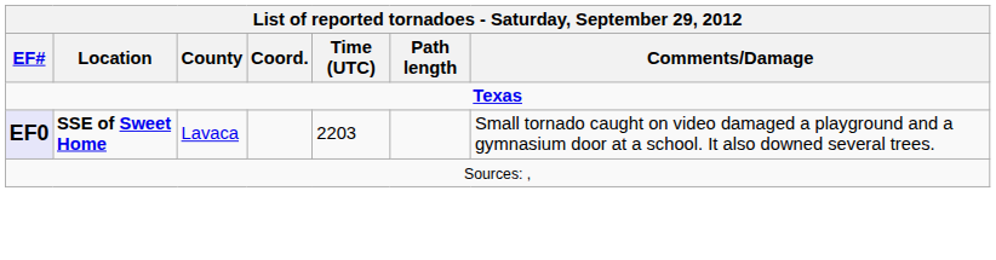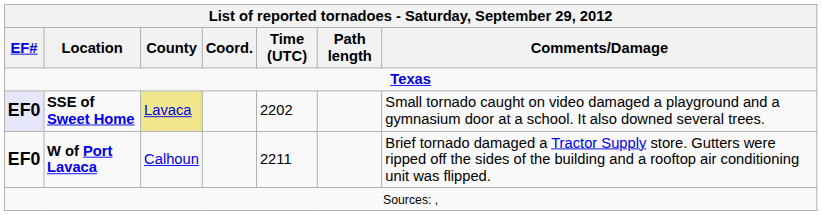 <table class="wikitable collapsible" width="100%">
 <tr>
 <th colspan="7">List of reported tornadoes - Saturday, September 29, 2012</th>
 </tr>
 <tr>
 <th><a href='#'>EF#</a></th>
 <th>Location</th>
 <th>County</th>
 <th>Coord.</th>
 <th>Time (UTC)</th>
 <th>Path length</th>
 <th>Comments/Damage</th>
 </tr>
 <tr>
 <td colspan="7" align=center><strong><a href='#'>Texas</a></strong></td>
 </tr>
 <tr>
 <td style="background: lavender;"><big><strong>EF0</strong></big></td>
 <td><strong>SSE of <a href='#'>Sweet Home</a></strong></td>
-<td><a href='#'>Lavaca</a></td>
+<td style="background: khaki;"><a href='#'>Lavaca</a></td>
 <td></td>
-<td>2203</td>
+<td>2202</td>
 <td></td>
 <td>Small tornado caught on video damaged a playground and a gymnasium door at a school. It also downed several trees.</td>
+</tr>
+<tr>
+<td><big><strong>EF0</strong></big></td>
+<td><strong>W of <a href='#'>Port Lavaca</a></strong></td>
+<td><a href='#'>Calhoun</a></td>
+<td></td>
+<td>2211</td>
+<td></td>
+<td>Brief tornado damaged a <a href='#'>Tractor Supply</a> store. Gutters were ripped off the sides of the building and a rooftop air conditioning unit was flipped.</td>
 </tr>
 <tr>
 <td colspan="7" align=center><small>Sources: , </small></td>
 </tr>
 </table>
